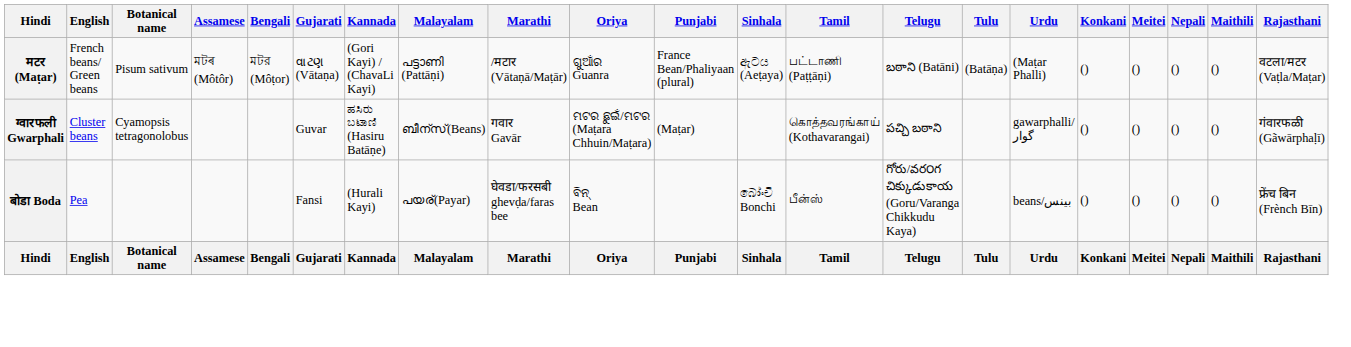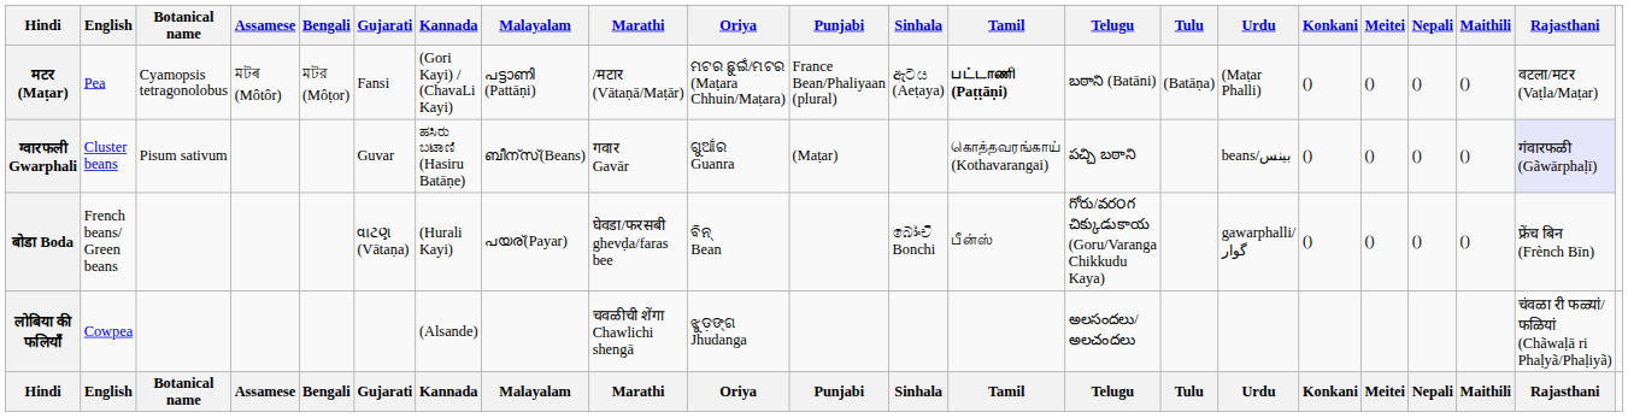 <table class="wikitable sortable">
 <tr>
 <th>Hindi</th>
 <th>English</th>
 <th>Botanical name</th>
 <th><a href='#'>Assamese</a></th>
 <th><a href='#'>Bengali</a></th>
 <th><a href='#'>Gujarati</a></th>
 <th><a href='#'>Kannada</a></th>
 <th><a href='#'>Malayalam</a></th>
 <th><a href='#'>Marathi</a></th>
 <th><a href='#'>Oriya</a></th>
 <th><a href='#'>Punjabi</a></th>
 <th><a href='#'>Sinhala</a></th>
 <th><a href='#'>Tamil</a></th>
 <th><a href='#'>Telugu</a></th>
 <th><a href='#'>Tulu</a></th>
 <th><a href='#'>Urdu</a></th>
 <th><a href='#'>Konkani</a></th>
 <th><a href='#'>Meitei</a></th>
 <th><a href='#'>Nepali</a></th>
 <th><a href='#'>Maithili</a></th>
 <th><a href='#'>Rajasthani</a></th>
 </tr>
 <tr>
 <th>मटर (Maṭar)</th>
-<td>French beans/ Green beans</td>
-<td>Pisum sativum</td>
+<td><a href='#'>Pea</a></td>
+<td>Cyamopsis tetragonolobus</td>
 <td>মটৰ<br>(Môtôr)</td>
 <td>মটর<br>(Môṭor)</td>
-<td>વાટણ (Vātaṇa)</td>
+<td>Fansi</td>
 <td> (Gori Kayi) /  (ChavaLi Kayi)</td>
 <td>പട്ടാണി (Pattāṇi)</td>
 <td>/मटार<br>(Vātaṇā/Maṭār)</td>
-<td>ଗୁଆଁର<br>Guanra</td>
+<td>ମଟର ଛୁଇଁ/ମଟର<br>(Maṭara Chhuin/Maṭara)</td>
 <td>France Bean/Phaliyaan (plural)</td>
 <td>ඇටය (Aeṭaya)</td>
-<td>பட்டாணி (Paṭṭāṇi)</td>
+<td><strong>பட்டாணி (Paṭṭāṇi)</strong></td>
 <td>బఠాని (Batāni)</td>
 <td>(Batāṇa)</td>
 <td>(Maṭar Phalli)</td>
 <td>()</td>
 <td>()</td>
 <td>()</td>
 <td>()</td>
 <td>वटला/मटर (Vaṭla/Maṭar)</td>
 </tr>
 <tr>
 <th>ग्वारफली Gwarphali</th>
 <td><a href='#'>Cluster beans</a></td>
-<td>Cyamopsis tetragonolobus</td>
+<td>Pisum sativum</td>
 <td></td>
 <td></td>
 <td>Guvar</td>
 <td>ಹಸಿರು ಬಟಾಣಿ (Hasiru Batāṇe)</td>
 <td>ബീന്സ്‌(Beans)</td>
 <td>गवार<br>Gavār</td>
-<td>ମଟର ଛୁଇଁ/ମଟର<br>(Maṭara Chhuin/Maṭara)</td>
+<td>ଗୁଆଁର<br>Guanra</td>
 <td>(Maṭar)</td>
 <td></td>
 <td>கொத்தவரங்காய் (Kothavarangai)</td>
 <td>పచ్చి బఠాని</td>
 <td></td>
-<td>gawarphalli/گوار</td>
+<td>beans/بينس</td>
 <td>()</td>
 <td>()</td>
 <td>()</td>
 <td>()</td>
-<td>गंवारफळी (Gãwārphaḷī)</td>
+<td style="background: lavender;">गंवारफळी (Gãwārphaḷī)</td>
 </tr>
 <tr>
 <th>बोडा Boda</th>
-<td><a href='#'>Pea</a></td>
+<td>French beans/ Green beans</td>
 <td></td>
 <td></td>
 <td></td>
-<td>Fansi</td>
+<td>વાટણ (Vātaṇa)</td>
 <td> (Hurali Kayi)</td>
 <td>പയര്(Payar)</td>
 <td>घेवडा/फरसबी<br>ghevḍa/faras bee</td>
 <td>ବିନ୍<br>Bean</td>
 <td></td>
 <td>බෝංචි Bonchi</td>
 <td>பீன்ஸ்</td>
 <td>గోరు/వర౦గ చిక్కుడుకాయ<br>(Goru/Varanga Chikkudu Kaya)</td>
 <td></td>
-<td>beans/بينس</td>
+<td>gawarphalli/گوار</td>
 <td>()</td>
 <td>()</td>
 <td>()</td>
 <td>()</td>
 <td>फ्रेंच बिन (Frènch Bīn)</td>
+</tr>
+<tr>
+<th>लोबिया की फलियाँ</th>
+<td><a href='#'>Cowpea</a></td>
+<td></td>
+<td></td>
+<td></td>
+<td></td>
+<td>(Alsande)</td>
+<td></td>
+<td>चवळीची शेंगा <br>Chawlichi shengā</td>
+<td>ଝୁଡ଼ଙ୍ଗ<br>Jhudanga</td>
+<td></td>
+<td></td>
+<td></td>
+<td>అలసందలు/అలచందలు</td>
+<td></td>
+<td></td>
+<td></td>
+<td></td>
+<td></td>
+<td></td>
+<td>चंवळा री फळ्यां/फळियां (Chãwaḷā ri Phaḷyã/Phaḷiyã)</td>
+<td></td>
 </tr>
 <tr class="sortbottom">
 <th>Hindi</th>
 <th>English</th>
 <th>Botanical name</th>
 <th>Assamese</th>
 <th>Bengali</th>
 <th>Gujarati</th>
 <th>Kannada</th>
 <th>Malayalam</th>
 <th>Marathi</th>
 <th>Oriya</th>
 <th>Punjabi</th>
 <th>Sinhala</th>
 <th>Tamil</th>
 <th>Telugu</th>
 <th>Tulu</th>
 <th>Urdu</th>
 <th>Konkani</th>
 <th>Meitei</th>
 <th>Nepali</th>
 <th>Maithili</th>
 <th>Rajasthani</th>
 </tr>
 </table>
